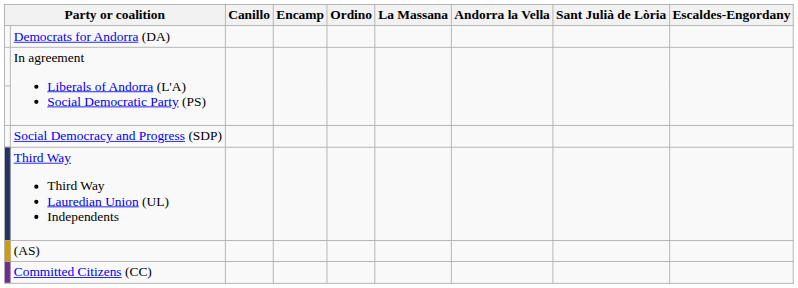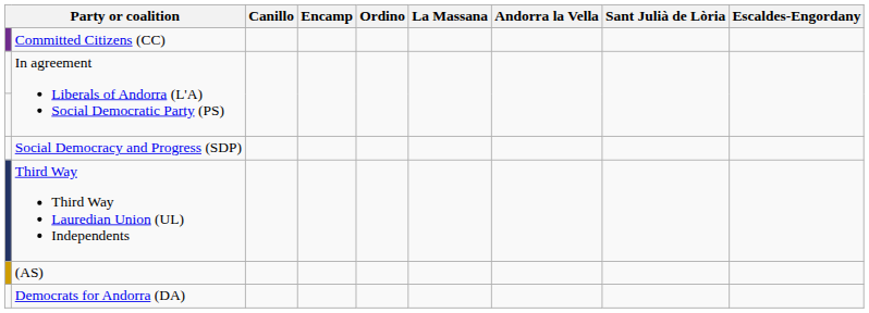 <table class="wikitable">
 <tr>
 <th colspan="2">Party or coalition</th>
 <th>Canillo</th>
 <th>Encamp</th>
 <th>Ordino</th>
 <th>La Massana</th>
 <th>Andorra la Vella</th>
 <th>Sant Julià de Lòria</th>
 <th>Escaldes-Engordany</th>
 </tr>
 <tr>
+<td bgcolor='#6e2b8c'></td>
+<td><a href='#'>Committed Citizens</a> (CC)</td>
 <td></td>
-<td><a href='#'>Democrats for Andorra</a> (DA)</td>
-<td align='center'></td>
-<td align='center'></td>
+<td></td>
+<td></td>
 <td align='center'></td>
 <td></td>
-<td align='center'></td>
-<td align='center'></td>
-<td align='center'></td>
+<td></td>
+<td></td>
 </tr>
 <tr>
 <td></td>
 <td rowspan="2">In agreement<br><ul><li><a href='#'>Liberals of Andorra</a> (L'A)</li><li><a href='#'>Social Democratic Party</a> (PS)</li></ul></td>
 <td rowspan="2" align='center'></td>
 <td rowspan="2" align='center'></td>
 <td rowspan="2" align='center'></td>
 <td rowspan="2" align='center'></td>
 <td rowspan="2" align='center'></td>
 <td rowspan="2" align='center'></td>
 <td rowspan="2" align='center'></td>
 </tr>
 <tr>
 <td></td>
 </tr>
 <tr>
 <td></td>
 <td><a href='#'>Social Democracy and Progress</a> (SDP)</td>
 <td></td>
 <td align='center'></td>
 <td align='center'></td>
 <td></td>
 <td align='center'></td>
 <td></td>
 <td align='center'></td>
 </tr>
 <tr>
 <td bgcolor='#233364'></td>
 <td><a href='#'>Third Way</a><br><ul><li>Third Way</li><li><a href='#'>Lauredian Union</a> (UL)</li><li>Independents</li></ul></td>
 <td></td>
 <td align='center'></td>
 <td align='center'></td>
 <td></td>
 <td align='center'></td>
 <td align='center'></td>
 <td align='center'></td>
 </tr>
 <tr>
 <td bgcolor='#CF9D00'></td>
 <td> (AS)</td>
 <td align='center'></td>
 <td></td>
 <td></td>
 <td></td>
 <td></td>
 <td></td>
 <td></td>
 </tr>
 <tr>
-<td bgcolor='#6e2b8c'></td>
-<td><a href='#'>Committed Citizens</a> (CC)</td>
 <td></td>
-<td></td>
+<td><a href='#'>Democrats for Andorra</a> (DA)</td>
+<td align='center'></td>
+<td align='center'></td>
+<td align='center'></td>
 <td></td>
 <td align='center'></td>
-<td></td>
-<td></td>
-<td></td>
+<td align='center'></td>
+<td align='center'></td>
 </tr>
 </table>
